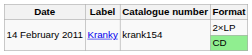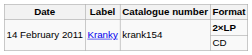 <table class="wikitable">
 <tr>
 <th>Date</th>
 <th>Label</th>
 <th>Catalogue number</th>
 <th>Format</th>
 </tr>
 <tr>
 <td rowspan="2">14 February 2011</td>
 <td rowspan="2"><a href='#'>Kranky</a></td>
 <td rowspan="2">krank154</td>
-<td>2×LP</td>
+<td><strong>2×LP</strong></td>
 </tr>
 <tr>
-<td style="background: lightgreen;">CD</td>
+<td>CD</td>
 </tr>
 </table>
